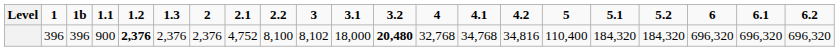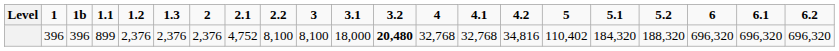 <table class="wikitable" style="text-align:center;width:800px;">
 <tr>
 <th>Level</th>
 <td><strong>1</strong></td>
 <td><strong>1b</strong></td>
 <td><strong>1.1</strong></td>
 <td><strong>1.2</strong></td>
 <td><strong>1.3</strong></td>
 <td><strong>2</strong></td>
 <td><strong>2.1</strong></td>
 <td><strong>2.2</strong></td>
 <td><strong>3</strong></td>
 <td><strong>3.1</strong></td>
 <td><strong>3.2</strong></td>
 <td><strong>4</strong></td>
 <td><strong>4.1</strong></td>
 <td><strong>4.2</strong></td>
 <td><strong>5</strong></td>
 <td><strong>5.1</strong></td>
 <td><strong>5.2</strong></td>
 <td><strong>6</strong></td>
 <td><strong>6.1</strong></td>
 <td><strong>6.2</strong></td>
 </tr>
 <tr>
 <th></th>
 <td>396</td>
 <td>396</td>
-<td>900</td>
-<td><strong>2,376</strong></td>
+<td>899</td>
+<td>2,376</td>
 <td>2,376</td>
 <td>2,376</td>
 <td>4,752</td>
 <td>8,100</td>
-<td>8,102</td>
+<td>8,100</td>
 <td>18,000</td>
 <td><strong>20,480</strong></td>
 <td>32,768</td>
-<td>34,768</td>
+<td>32,768</td>
 <td>34,816</td>
-<td>110,400</td>
+<td>110,402</td>
 <td>184,320</td>
-<td>184,320</td>
+<td>188,320</td>
 <td>696,320</td>
 <td>696,320</td>
 <td>696,320</td>
 </tr>
 </table>
